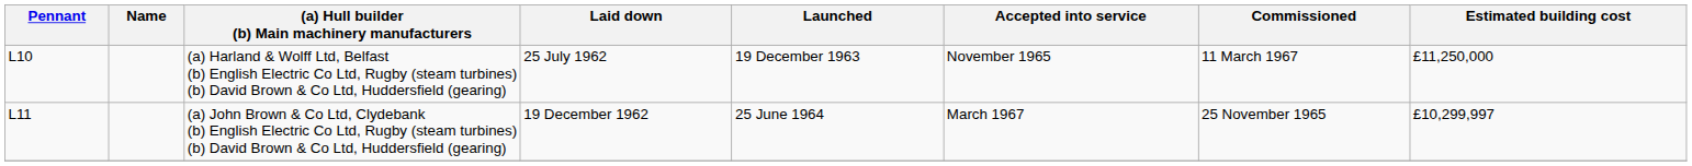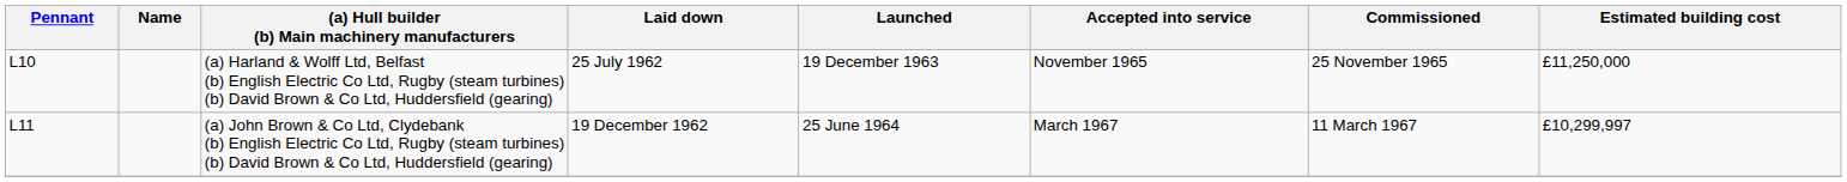 <table class="wikitable" style="font-size:97%;">
 <tr valign=top>
 <th><a href='#'>Pennant</a></th>
 <th>Name</th>
 <th width="20%">(a) Hull builder<br>(b) Main machinery manufacturers</th>
 <th>Laid down</th>
 <th>Launched</th>
 <th>Accepted into service</th>
 <th>Commissioned</th>
 <th>Estimated building cost</th>
 </tr>
 <tr valign=top>
 <td>L10</td>
 <td></td>
 <td>(a) Harland & Wolff Ltd, Belfast <br> (b) English Electric Co Ltd, Rugby (steam turbines) <br> (b) David Brown & Co Ltd, Huddersfield (gearing)</td>
 <td>25 July 1962</td>
 <td>19 December 1963</td>
 <td>November 1965</td>
-<td>11 March 1967</td>
+<td>25 November 1965</td>
 <td>£11,250,000</td>
 </tr>
 <tr valign=top>
 <td>L11</td>
 <td></td>
 <td>(a) John Brown & Co Ltd, Clydebank <br> (b) English Electric Co Ltd, Rugby (steam turbines) <br> (b) David Brown & Co Ltd, Huddersfield (gearing)</td>
 <td>19 December 1962</td>
 <td>25 June 1964</td>
 <td>March 1967</td>
-<td>25 November 1965</td>
+<td>11 March 1967</td>
 <td>£10,299,997</td>
 </tr>
 <tr>
 </tr>
 </table>
